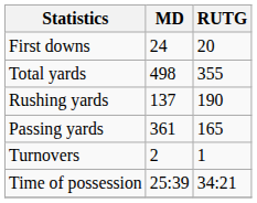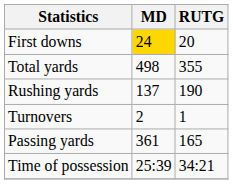 <table class="wikitable">
 <tr>
 <th>Statistics</th>
 <th>MD</th>
 <th>RUTG</th>
 </tr>
 <tr>
 <td>First downs</td>
-<td>24</td>
+<td style="background: gold;">24</td>
 <td>20</td>
 </tr>
 <tr>
 <td>Total yards</td>
 <td>498</td>
 <td>355</td>
 </tr>
 <tr>
 <td>Rushing yards</td>
 <td>137</td>
 <td>190</td>
 </tr>
 <tr>
+<td>Turnovers</td>
+<td>2</td>
+<td>1</td>
+</tr>
+<tr>
 <td>Passing yards</td>
 <td>361</td>
 <td>165</td>
-</tr>
-<tr>
-<td>Turnovers</td>
-<td>2</td>
-<td>1</td>
 </tr>
 <tr>
 <td>Time of possession</td>
 <td>25:39</td>
 <td>34:21</td>
 </tr>
 <tr>
 </tr>
 </table>
